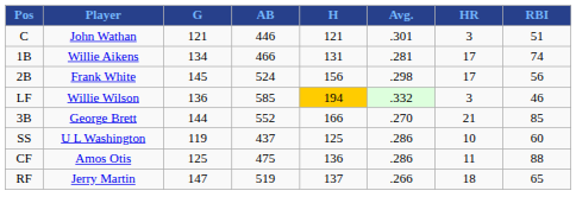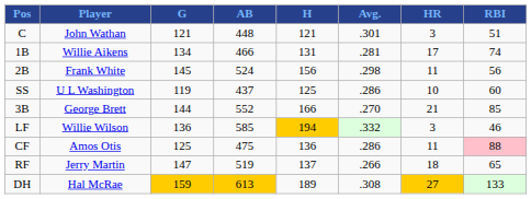 <table class="wikitable sortable">
 <tr>
 <th style="background:#27408B;color:#74B4FA;" width="5%">Pos</th>
 <th style="background:#27408B;color:#74B4FA;" width="16%">Player</th>
 <th style="background:#27408B;color:#74B4FA;" width="9%">G</th>
 <th style="background:#27408B;color:#74B4FA;" width="9%">AB</th>
 <th style="background:#27408B;color:#74B4FA;" width="9%">H</th>
 <th style="background:#27408B;color:#74B4FA;" width="9%">Avg.</th>
 <th style="background:#27408B;color:#74B4FA;" width="9%">HR</th>
 <th style="background:#27408B;color:#74B4FA;" width="9%">RBI</th>
 </tr>
 <tr align="center">
 <td>C</td>
 <td><a href='#'>John Wathan</a></td>
 <td>121</td>
-<td>446</td>
+<td>448</td>
 <td>121</td>
 <td>.301</td>
 <td>3</td>
 <td>51</td>
 </tr>
 <tr align="center">
 <td>1B</td>
 <td><a href='#'>Willie Aikens</a></td>
 <td>134</td>
 <td>466</td>
 <td>131</td>
 <td>.281</td>
 <td>17</td>
 <td>74</td>
 </tr>
 <tr align="center">
 <td>2B</td>
 <td><a href='#'>Frank White</a></td>
 <td>145</td>
 <td>524</td>
 <td>156</td>
 <td>.298</td>
-<td>17</td>
+<td>11</td>
 <td>56</td>
+</tr>
+<tr align="center">
+<td>SS</td>
+<td><a href='#'>U L Washington</a></td>
+<td>119</td>
+<td>437</td>
+<td>125</td>
+<td>.286</td>
+<td>10</td>
+<td>60</td>
+</tr>
+<tr align="center">
+<td>3B</td>
+<td><a href='#'>George Brett</a></td>
+<td>144</td>
+<td>552</td>
+<td>166</td>
+<td>.270</td>
+<td>21</td>
+<td>85</td>
 </tr>
 <tr align="center">
 <td>LF</td>
 <td><a href='#'>Willie Wilson</a></td>
 <td>136</td>
 <td>585</td>
 <td style="background:#fc0;">194</td>
 <td style="background:#DDFFDD;">.332</td>
 <td>3</td>
 <td>46</td>
 </tr>
 <tr align="center">
-<td>3B</td>
-<td><a href='#'>George Brett</a></td>
-<td>144</td>
-<td>552</td>
-<td>166</td>
-<td>.270</td>
-<td>21</td>
-<td>85</td>
-</tr>
-<tr align="center">
-<td>SS</td>
-<td><a href='#'>U L Washington</a></td>
-<td>119</td>
-<td>437</td>
-<td>125</td>
-<td>.286</td>
-<td>10</td>
-<td>60</td>
-</tr>
-<tr align="center">
 <td>CF</td>
 <td><a href='#'>Amos Otis</a></td>
 <td>125</td>
 <td>475</td>
 <td>136</td>
 <td>.286</td>
 <td>11</td>
-<td>88</td>
+<td style="background: pink;">88</td>
 </tr>
 <tr align="center">
 <td>RF</td>
 <td><a href='#'>Jerry Martin</a></td>
 <td>147</td>
 <td>519</td>
 <td>137</td>
 <td>.266</td>
 <td>18</td>
 <td>65</td>
 </tr>
+<tr align="center">
+<td>DH</td>
+<td><a href='#'>Hal McRae</a></td>
+<td style="background:#fc0;">159</td>
+<td style="background:#fc0;">613</td>
+<td>189</td>
+<td>.308</td>
+<td style="background:#fc0;">27</td>
+<td style="background:#DDFFDD;">133</td>
+</tr>
 </table>
